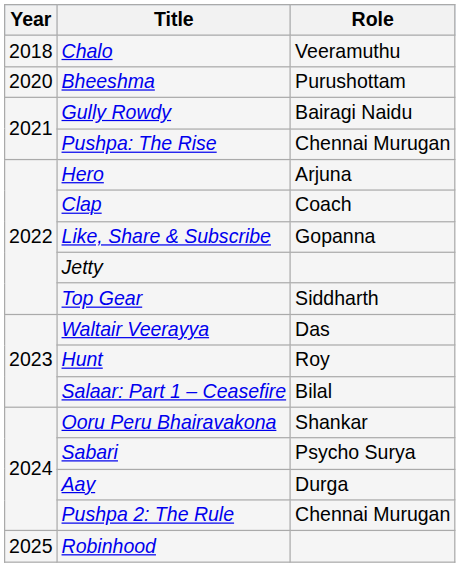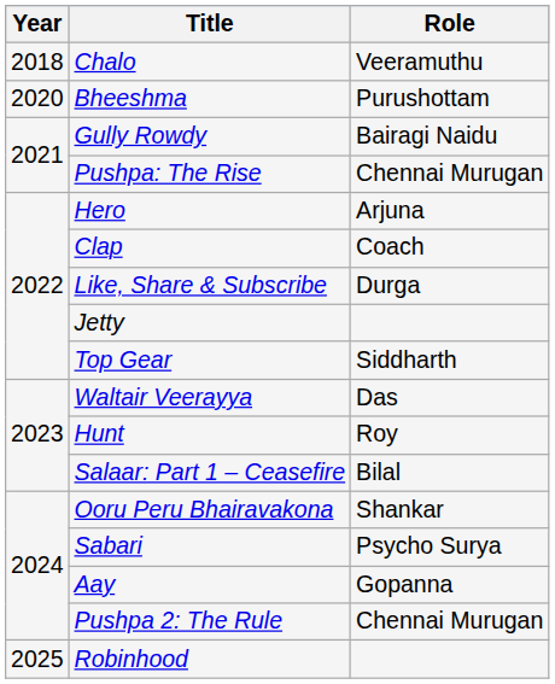 <table class="wikitable sortable" style="background:#f5f5f5;">
 <tr style="background:#B0C4DE;">
 <th>Year</th>
 <th>Title</th>
 <th>Role</th>
 </tr>
 <tr>
 <td>2018</td>
 <td><em><a href='#'>Chalo</a></em></td>
 <td>Veeramuthu</td>
 </tr>
 <tr>
 <td>2020</td>
 <td><em><a href='#'>Bheeshma</a></em></td>
 <td>Purushottam</td>
 </tr>
 <tr>
 <td rowspan="2">2021</td>
 <td><em><a href='#'>Gully Rowdy</a></em></td>
 <td>Bairagi Naidu</td>
 </tr>
 <tr>
 <td><em><a href='#'>Pushpa: The Rise</a></em></td>
 <td>Chennai Murugan</td>
 </tr>
 <tr>
 <td rowspan="5">2022</td>
 <td><em><a href='#'>Hero</a></em></td>
 <td>Arjuna</td>
 </tr>
 <tr>
 <td><em><a href='#'>Clap</a></em></td>
 <td>Coach</td>
 </tr>
 <tr>
 <td><em><a href='#'>Like, Share & Subscribe</a></em></td>
-<td>Gopanna</td>
+<td>Durga</td>
 </tr>
 <tr>
 <td><em>Jetty</em></td>
 <td></td>
 </tr>
 <tr>
 <td><em><a href='#'>Top Gear</a></em></td>
 <td>Siddharth</td>
 </tr>
 <tr>
 <td rowspan="3">2023</td>
 <td><em><a href='#'>Waltair Veerayya</a></em></td>
 <td>Das</td>
 </tr>
 <tr>
 <td><em><a href='#'>Hunt</a></em></td>
 <td>Roy</td>
 </tr>
 <tr>
 <td><em><a href='#'>Salaar: Part 1 – Ceasefire</a></em></td>
 <td>Bilal</td>
 </tr>
 <tr>
 <td rowspan="4">2024</td>
 <td><em><a href='#'>Ooru Peru Bhairavakona</a></em></td>
 <td>Shankar</td>
 </tr>
 <tr>
 <td><em><a href='#'>Sabari</a></em></td>
 <td>Psycho Surya</td>
 </tr>
 <tr>
 <td><em><a href='#'>Aay</a></em></td>
-<td>Durga</td>
+<td>Gopanna</td>
 </tr>
 <tr>
 <td><em><a href='#'>Pushpa 2: The Rule</a></em></td>
 <td>Chennai Murugan</td>
 </tr>
 <tr>
 <td rowspan="1">2025</td>
 <td><em><a href='#'>Robinhood</a></em></td>
 <td></td>
 </tr>
 </table>
